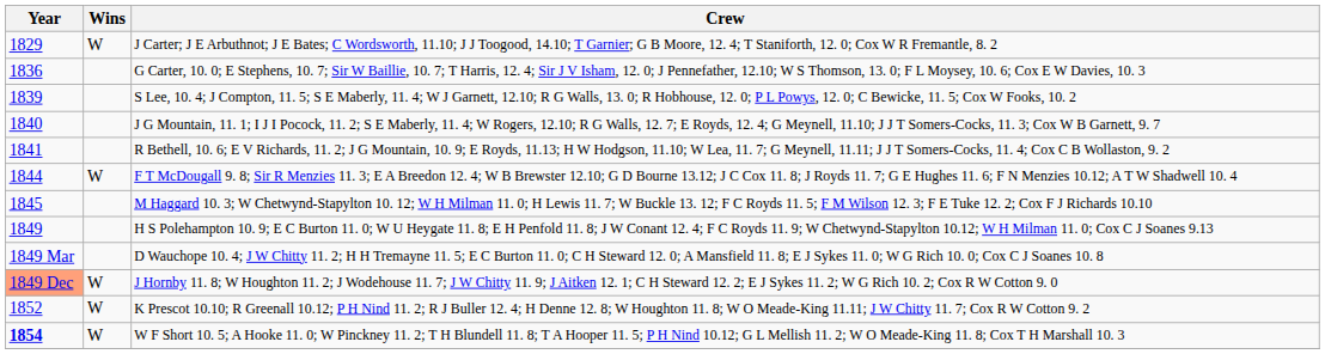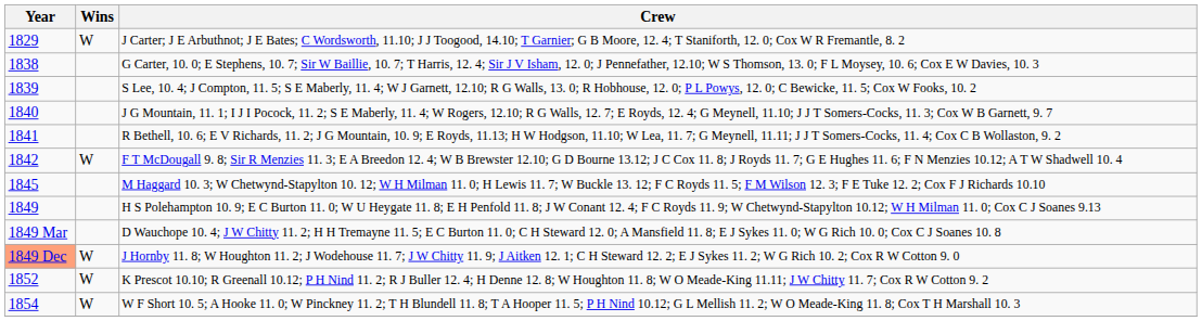 <table class="wikitable" width="100%">
 <tr>
 <th>Year</th>
 <th>Wins</th>
 <th>Crew</th>
 </tr>
 <tr>
 <td><a href='#'>1829</a></td>
 <td>W</td>
 <td style="font-size:85%">J Carter; J E Arbuthnot; J E Bates; <a href='#'>C Wordsworth</a>, 11.10; J J Toogood, 14.10; <a href='#'>T Garnier</a>; G B Moore, 12. 4; T Staniforth, 12. 0; Cox W R Fremantle, 8. 2</td>
 </tr>
 <tr>
-<td><a href='#'>1836</a></td>
+<td><a href='#'>1838</a></td>
 <td></td>
 <td style="font-size:85%">G Carter, 10. 0; E Stephens, 10. 7; <a href='#'>Sir W Baillie</a>, 10. 7; T Harris, 12. 4; <a href='#'>Sir J V Isham</a>, 12. 0; J Pennefather, 12.10; W S Thomson, 13. 0; F L Moysey, 10. 6; Cox E W Davies, 10. 3</td>
 </tr>
 <tr>
 <td><a href='#'>1839</a></td>
 <td></td>
 <td style="font-size:85%">S Lee, 10. 4; J Compton, 11. 5; S E Maberly, 11. 4; W J Garnett, 12.10; R G Walls, 13. 0; R Hobhouse, 12. 0; <a href='#'>P L Powys</a>, 12. 0; C Bewicke, 11. 5; Cox W Fooks, 10. 2</td>
 </tr>
 <tr>
 <td><a href='#'>1840</a></td>
 <td></td>
 <td style="font-size:85%">J G Mountain, 11. 1; I J I Pocock, 11. 2; S E Maberly, 11. 4; W Rogers, 12.10; R G Walls, 12. 7; E Royds, 12. 4; G Meynell, 11.10; J J T Somers-Cocks, 11. 3; Cox W B Garnett, 9. 7</td>
 </tr>
 <tr>
 <td><a href='#'>1841</a></td>
 <td></td>
 <td style="font-size:85%">R Bethell, 10. 6; E V Richards, 11. 2; J G Mountain, 10. 9; E Royds, 11.13; H W Hodgson, 11.10; W Lea, 11. 7; G Meynell, 11.11; J J T Somers-Cocks, 11. 4; Cox C B Wollaston, 9. 2</td>
 </tr>
 <tr>
-<td><a href='#'>1844</a></td>
+<td><a href='#'>1842</a></td>
 <td>W</td>
 <td style="font-size:85%"><a href='#'>F T McDougall</a> 9. 8; <a href='#'>Sir R Menzies</a> 11. 3; E A Breedon 12. 4; W B Brewster 12.10; G D Bourne 13.12; J C Cox 11. 8; J Royds 11. 7; G E Hughes 11. 6; F N Menzies 10.12; A T W Shadwell 10. 4</td>
 </tr>
 <tr>
 <td><a href='#'>1845</a></td>
 <td></td>
 <td style="font-size:85%"><a href='#'>M Haggard</a> 10. 3; W Chetwynd-Stapylton 10. 12; <a href='#'>W H Milman</a> 11. 0; H Lewis 11. 7; W Buckle 13. 12; F C Royds 11. 5; <a href='#'>F M Wilson</a> 12. 3; F E Tuke 12. 2; Cox F J Richards 10.10</td>
 </tr>
 <tr>
 <td><a href='#'>1849</a></td>
 <td></td>
 <td style="font-size:85%">H S Polehampton 10. 9; E C Burton 11. 0; W U Heygate 11. 8; E H Penfold 11. 8; J W Conant 12. 4; F C Royds 11. 9; W Chetwynd-Stapylton 10.12; <a href='#'>W H Milman</a> 11. 0; Cox C J Soanes 9.13</td>
 </tr>
 <tr>
 <td><a href='#'>1849 Mar</a></td>
 <td></td>
 <td style="font-size:85%">D Wauchope 10. 4; <a href='#'>J W Chitty</a> 11. 2; H H Tremayne 11. 5; E C Burton 11. 0; C H Steward 12. 0; A Mansfield 11. 8; E J Sykes 11. 0; W G Rich 10. 0; Cox C J Soanes 10. 8</td>
 </tr>
 <tr>
 <td style="background: lightsalmon;"><a href='#'>1849 Dec</a></td>
 <td>W</td>
 <td style="font-size:85%"><a href='#'>J Hornby</a> 11. 8; W Houghton 11. 2; J Wodehouse 11. 7; <a href='#'>J W Chitty</a> 11. 9; <a href='#'>J Aitken</a> 12. 1; C H Steward 12. 2; E J Sykes 11. 2; W G Rich 10. 2; Cox R W Cotton 9. 0</td>
 </tr>
 <tr>
 <td><a href='#'>1852</a></td>
 <td>W</td>
 <td style="font-size:85%">K Prescot 10.10; R Greenall 10.12; <a href='#'>P H Nind</a> 11. 2; R J Buller 12. 4; H Denne 12. 8; W Houghton 11. 8; W O Meade-King 11.11; <a href='#'>J W Chitty</a> 11. 7; Cox R W Cotton 9. 2</td>
 </tr>
 <tr>
-<td><strong><a href='#'>1854</a></strong></td>
+<td><a href='#'>1854</a></td>
 <td>W</td>
 <td style="font-size:85%">W F Short 10. 5; A Hooke 11. 0; W Pinckney 11. 2; T H Blundell 11. 8; T A Hooper 11. 5; <a href='#'>P H Nind</a> 10.12; G L Mellish 11. 2; W O Meade-King 11. 8; Cox T H Marshall 10. 3</td>
 </tr>
 <tr>
 </tr>
 </table>
